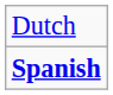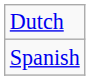 <table class="wikitable">
 <tr>
 <td><a href='#'>Dutch</a></td>
 </tr>
 <tr>
-<td><strong><a href='#'>Spanish</a></strong></td>
+<td><a href='#'>Spanish</a></td>
 </tr>
 </table>
